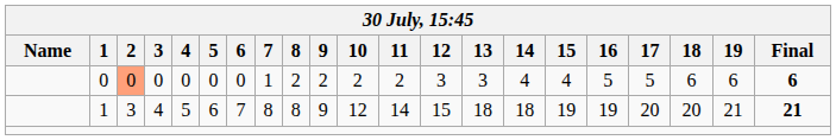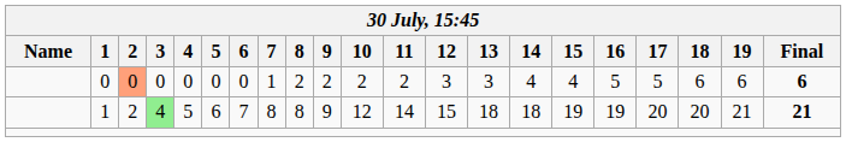 <table class=wikitable style="text-align:center; width: 55%">
 <tr>
 <th colspan=21><em>30 July, 15:45</em></th>
 </tr>
 <tr>
 <th>Name</th>
 <th>1</th>
 <th>2</th>
 <th>3</th>
 <th>4</th>
 <th>5</th>
 <th>6</th>
 <th>7</th>
 <th>8</th>
 <th>9</th>
 <th>10</th>
 <th>11</th>
 <th>12</th>
 <th>13</th>
 <th>14</th>
 <th>15</th>
 <th>16</th>
 <th>17</th>
 <th>18</th>
 <th>19</th>
 <th>Final</th>
 </tr>
 <tr>
 <td align=left></td>
 <td>0</td>
 <td style="background: lightsalmon;">0</td>
 <td>0</td>
 <td>0</td>
 <td>0</td>
 <td>0</td>
 <td>1</td>
 <td>2</td>
 <td>2</td>
 <td>2</td>
 <td>2</td>
 <td>3</td>
 <td>3</td>
 <td>4</td>
 <td>4</td>
 <td>5</td>
 <td>5</td>
 <td>6</td>
 <td>6</td>
 <td><strong>6</strong></td>
 </tr>
 <tr>
 <td align=left><strong></strong></td>
 <td>1</td>
-<td>3</td>
-<td>4</td>
+<td>2</td>
+<td style="background: lightgreen;">4</td>
 <td>5</td>
 <td>6</td>
 <td>7</td>
 <td>8</td>
 <td>8</td>
 <td>9</td>
 <td>12</td>
 <td>14</td>
 <td>15</td>
 <td>18</td>
 <td>18</td>
 <td>19</td>
 <td>19</td>
 <td>20</td>
 <td>20</td>
 <td>21</td>
 <td><strong>21</strong></td>
 </tr>
 <tr>
 <td colspan=21></td>
 </tr>
 </table>
